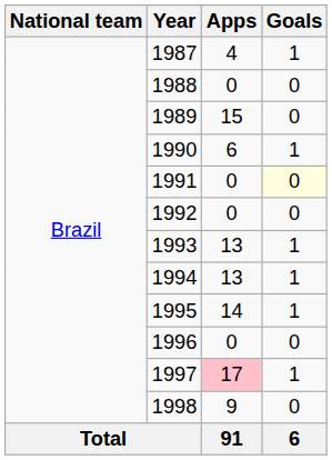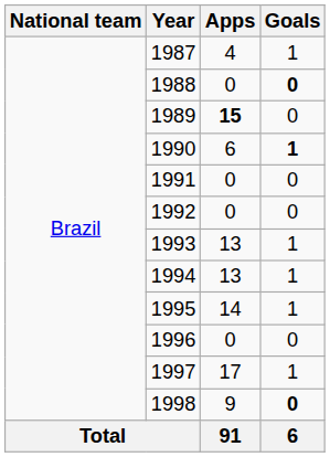 <table class="wikitable" style="text-align:center">
 <tr>
 <th>National team</th>
 <th>Year</th>
 <th>Apps</th>
 <th>Goals</th>
 </tr>
 <tr>
 <td rowspan="12"><a href='#'>Brazil</a></td>
 <td>1987</td>
 <td>4</td>
 <td>1</td>
 </tr>
 <tr>
 <td>1988</td>
 <td>0</td>
-<td>0</td>
+<td><strong>0</strong></td>
 </tr>
 <tr>
 <td>1989</td>
-<td>15</td>
+<td><strong>15</strong></td>
 <td>0</td>
 </tr>
 <tr>
 <td>1990</td>
 <td>6</td>
-<td>1</td>
+<td><strong>1</strong></td>
 </tr>
 <tr>
 <td>1991</td>
 <td>0</td>
-<td style="background: lightyellow;">0</td>
+<td>0</td>
 </tr>
 <tr>
 <td>1992</td>
 <td>0</td>
 <td>0</td>
 </tr>
 <tr>
 <td>1993</td>
 <td>13</td>
 <td>1</td>
 </tr>
 <tr>
 <td>1994</td>
 <td>13</td>
 <td>1</td>
 </tr>
 <tr>
 <td>1995</td>
 <td>14</td>
 <td>1</td>
 </tr>
 <tr>
 <td>1996</td>
 <td>0</td>
 <td>0</td>
 </tr>
 <tr>
 <td>1997</td>
-<td style="background: pink;">17</td>
+<td>17</td>
 <td>1</td>
 </tr>
 <tr>
 <td>1998</td>
 <td>9</td>
-<td>0</td>
+<td><strong>0</strong></td>
 </tr>
 <tr>
 <th colspan="2">Total</th>
 <th>91</th>
 <th>6</th>
 </tr>
 </table>
